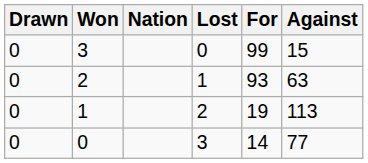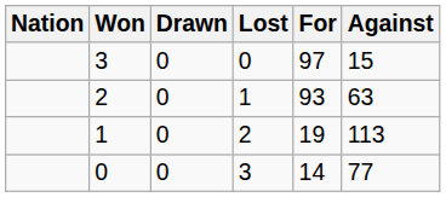 <table class="wikitable">
 <tr>
+<th>Nation</th>
+<th>Won</th>
 <th>Drawn</th>
-<th>Won</th>
-<th>Nation</th>
 <th>Lost</th>
 <th>For</th>
 <th>Against</th>
 </tr>
 <tr>
+<td></td>
+<td>3</td>
 <td>0</td>
-<td>3</td>
-<td></td>
 <td>0</td>
-<td>99</td>
+<td>97</td>
 <td>15</td>
 </tr>
 <tr>
+<td></td>
+<td>2</td>
 <td>0</td>
-<td>2</td>
-<td></td>
 <td>1</td>
 <td>93</td>
 <td>63</td>
 </tr>
 <tr>
+<td></td>
+<td>1</td>
 <td>0</td>
-<td>1</td>
-<td></td>
 <td>2</td>
 <td>19</td>
 <td>113</td>
 </tr>
 <tr>
+<td></td>
 <td>0</td>
 <td>0</td>
-<td></td>
 <td>3</td>
 <td>14</td>
 <td>77</td>
 </tr>
 </table>
